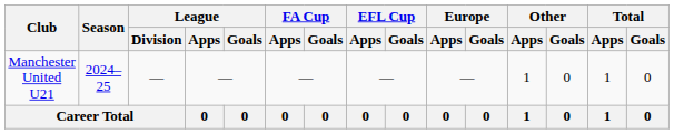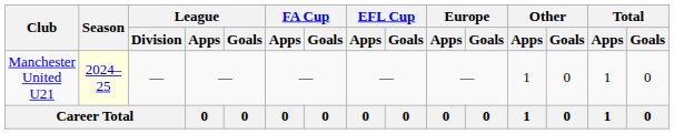 <table class="wikitable" style="text-align: center;">
 <tr>
 <th rowspan="2">Club</th>
 <th rowspan="2">Season</th>
 <th colspan="3">League</th>
 <th colspan="2"><a href='#'>FA Cup</a></th>
 <th colspan="2"><a href='#'>EFL Cup</a></th>
 <th colspan="2">Europe</th>
 <th colspan="2">Other</th>
 <th colspan="2">Total</th>
 </tr>
 <tr>
 <th>Division</th>
 <th>Apps</th>
 <th>Goals</th>
 <th>Apps</th>
 <th>Goals</th>
 <th>Apps</th>
 <th>Goals</th>
 <th>Apps</th>
 <th>Goals</th>
 <th>Apps</th>
 <th>Goals</th>
 <th>Apps</th>
 <th>Goals</th>
 </tr>
 <tr>
 <td><a href='#'>Manchester United U21</a></td>
-<td><a href='#'>2024–25</a></td>
+<td style="background: lightyellow;"><a href='#'>2024–25</a></td>
 <td>—</td>
 <td colspan="2">—</td>
 <td colspan="2">—</td>
 <td colspan="2">—</td>
 <td colspan="2">—</td>
 <td>1</td>
 <td>0</td>
 <td>1</td>
 <td>0</td>
 </tr>
 <tr>
 <th colspan="3">Career Total</th>
 <th>0</th>
 <th>0</th>
 <th>0</th>
 <th>0</th>
 <th>0</th>
 <th>0</th>
 <th>0</th>
 <th>0</th>
 <th>1</th>
 <th>0</th>
 <th>1</th>
 <th>0</th>
 </tr>
 </table>
